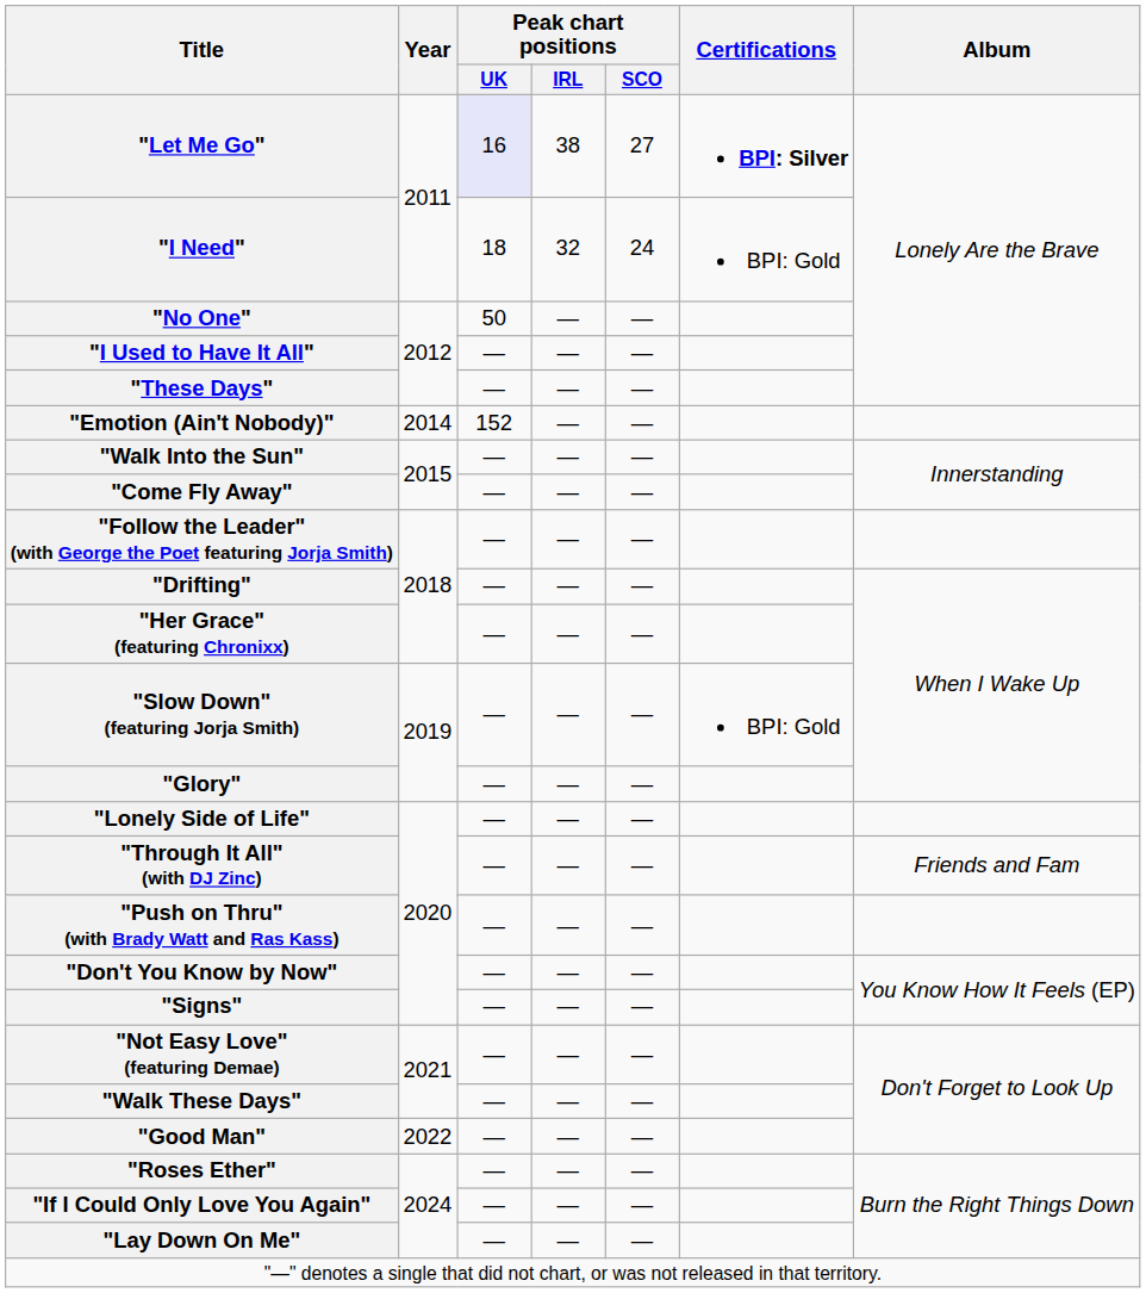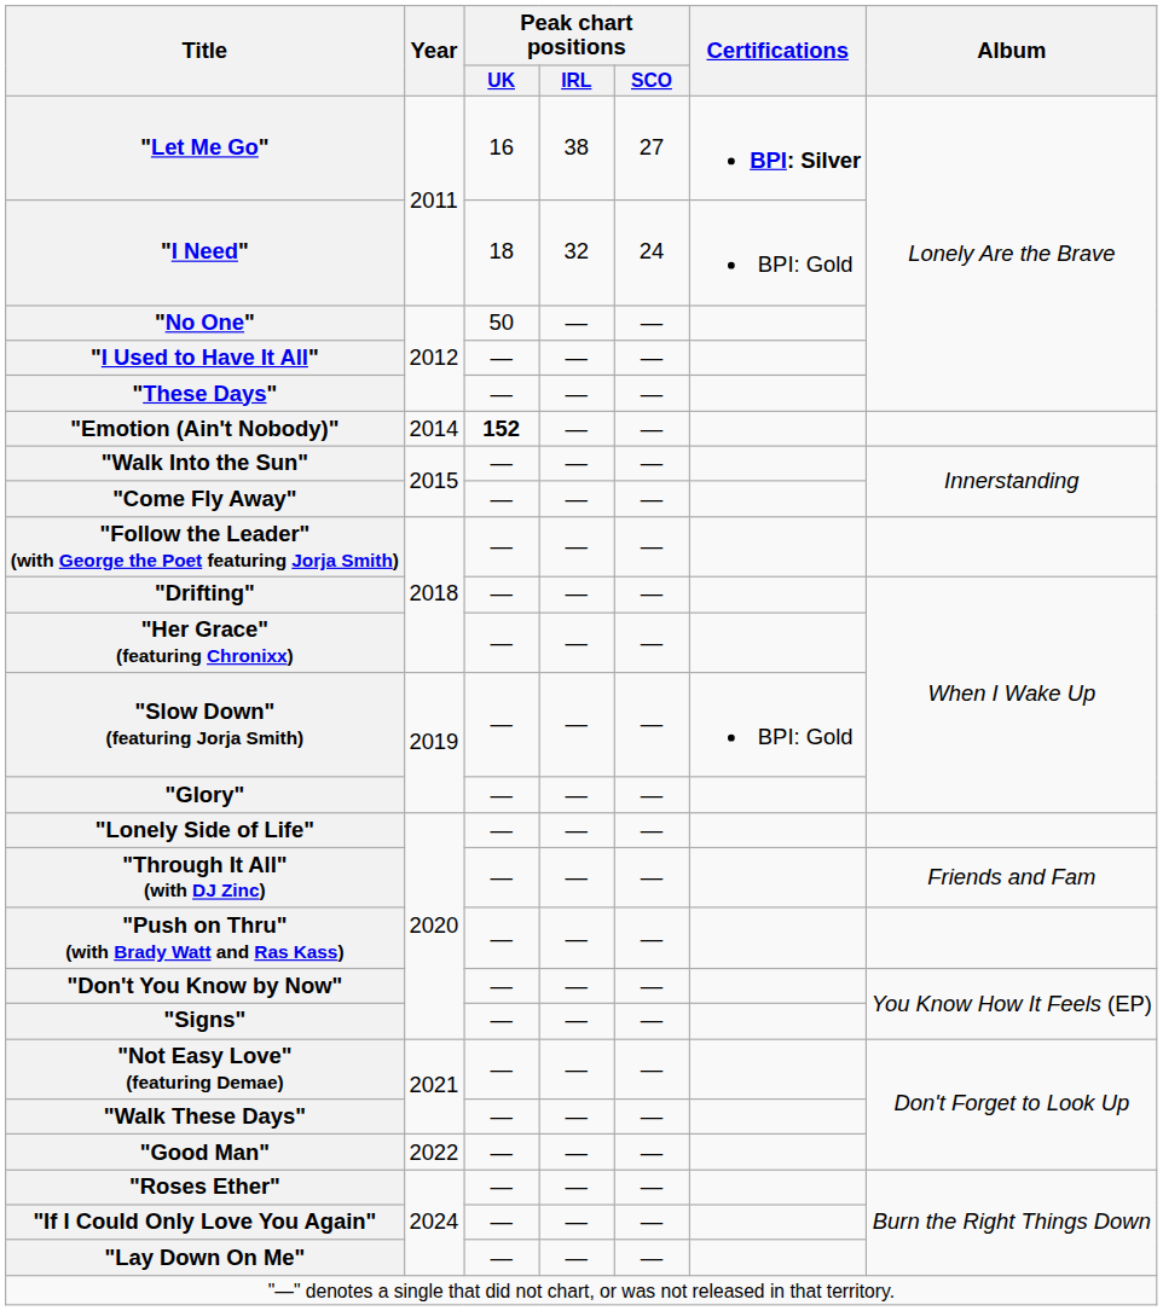 <table class="wikitable plainrowheaders" style="text-align:center;" border="1">
 <tr>
 <th scope="col" rowspan="2">Title</th>
 <th scope="col" rowspan="2">Year</th>
 <th scope="col" colspan="3">Peak chart positions</th>
 <th scope="col" rowspan="2"><a href='#'>Certifications</a></th>
 <th scope="col" rowspan="2">Album</th>
 </tr>
 <tr>
 <th scope="col" style="width:3.5em;font-size:85%;"><a href='#'>UK</a><br></th>
 <th scope="col" style="width:3.5em;font-size:85%;"><a href='#'>IRL</a><br></th>
 <th scope="col" style="width:3.5em;font-size:85%;"><a href='#'>SCO</a><br></th>
 </tr>
 <tr>
 <th scope="row">"<a href='#'>Let Me Go</a>"</th>
 <td rowspan="2">2011</td>
-<td style="background: lavender;">16</td>
+<td>16</td>
 <td>38</td>
 <td>27</td>
 <td><strong><br><ul><li><a href='#'>BPI</a>: Silver</li></ul></strong></td>
 <td rowspan="5"><em>Lonely Are the Brave</em></td>
 </tr>
 <tr>
 <th scope="row">"<a href='#'>I Need</a>"</th>
 <td>18</td>
 <td>32</td>
 <td>24</td>
 <td><br><ul><li>BPI: Gold</li></ul></td>
 </tr>
 <tr>
 <th scope="row">"<a href='#'>No One</a>"</th>
 <td rowspan="3">2012</td>
 <td>50</td>
 <td>—</td>
 <td>—</td>
 <td></td>
 </tr>
 <tr>
 <th scope="row">"<a href='#'>I Used to Have It All</a>"</th>
 <td>—</td>
 <td>—</td>
 <td>—</td>
 <td></td>
 </tr>
 <tr>
 <th scope="row">"<a href='#'>These Days</a>"</th>
 <td>—</td>
 <td>—</td>
 <td>—</td>
 <td></td>
 </tr>
 <tr>
 <th scope="row">"Emotion (Ain't Nobody)"</th>
 <td>2014</td>
-<td>152</td>
+<td><strong>152</strong></td>
 <td>—</td>
 <td>—</td>
 <td></td>
 <td></td>
 </tr>
 <tr>
 <th scope="row">"Walk Into the Sun"</th>
 <td rowspan="2">2015</td>
 <td>—</td>
 <td>—</td>
 <td>—</td>
 <td></td>
 <td rowspan="2"><em>Innerstanding</em></td>
 </tr>
 <tr>
 <th scope="row">"Come Fly Away"</th>
 <td>—</td>
 <td>—</td>
 <td>—</td>
 <td></td>
 </tr>
 <tr>
 <th scope="row">"Follow the Leader"<br><small>(with <a href='#'>George the Poet</a> featuring <a href='#'>Jorja Smith</a>)</small></th>
 <td rowspan="3">2018</td>
 <td>—</td>
 <td>—</td>
 <td>—</td>
 <td></td>
 <td></td>
 </tr>
 <tr>
 <th scope="row">"Drifting"</th>
 <td>—</td>
 <td>—</td>
 <td>—</td>
 <td></td>
 <td rowspan="4"><em>When I Wake Up</em></td>
 </tr>
 <tr>
 <th scope="row">"Her Grace"<br><small>(featuring <a href='#'>Chronixx</a>)</small></th>
 <td>—</td>
 <td>—</td>
 <td>—</td>
 <td></td>
 </tr>
 <tr>
 <th scope="row">"Slow Down"<br><small>(featuring Jorja Smith)</small></th>
 <td rowspan="2">2019</td>
 <td>—</td>
 <td>—</td>
 <td>—</td>
 <td><br><ul><li>BPI: Gold</li></ul></td>
 </tr>
 <tr>
 <th scope="row">"Glory"</th>
 <td>—</td>
 <td>—</td>
 <td>—</td>
 <td></td>
 </tr>
 <tr>
 <th scope="row">"Lonely Side of Life"</th>
 <td rowspan="5">2020</td>
 <td>—</td>
 <td>—</td>
 <td>—</td>
 <td></td>
 <td></td>
 </tr>
 <tr>
 <th scope="row">"Through It All"<br><small>(with <a href='#'>DJ Zinc</a>)</small></th>
 <td>—</td>
 <td>—</td>
 <td>—</td>
 <td></td>
 <td><em>Friends and Fam</em></td>
 </tr>
 <tr>
 <th scope="row">"Push on Thru"<br><small>(with <a href='#'>Brady Watt</a> and  <a href='#'>Ras Kass</a>)</small></th>
 <td>—</td>
 <td>—</td>
 <td>—</td>
 <td></td>
 <td></td>
 </tr>
 <tr>
 <th scope="row">"Don't You Know by Now"</th>
 <td>—</td>
 <td>—</td>
 <td>—</td>
 <td></td>
 <td rowspan="2"><em>You Know How It Feels</em> (EP)</td>
 </tr>
 <tr>
 <th scope="row">"Signs"</th>
 <td>—</td>
 <td>—</td>
 <td>—</td>
 <td></td>
 </tr>
 <tr>
 <th scope="row">"Not Easy Love"<br><small>(featuring Demae)</small></th>
 <td rowspan="2">2021</td>
 <td>—</td>
 <td>—</td>
 <td>—</td>
 <td></td>
 <td rowspan="3"><em>Don't Forget to Look Up</em></td>
 </tr>
 <tr>
 <th scope="row">"Walk These Days"</th>
 <td>—</td>
 <td>—</td>
 <td>—</td>
 <td></td>
 </tr>
 <tr>
 <th scope="row">"Good Man"</th>
 <td>2022</td>
 <td>—</td>
 <td>—</td>
 <td>—</td>
 <td></td>
 </tr>
 <tr>
 <th scope="row">"Roses Ether"</th>
 <td rowspan="3">2024</td>
 <td>—</td>
 <td>—</td>
 <td>—</td>
 <td></td>
 <td rowspan="3"><em>Burn the Right Things Down</em></td>
 </tr>
 <tr>
 <th scope="row">"If I Could Only Love You Again"</th>
 <td>—</td>
 <td>—</td>
 <td>—</td>
 <td></td>
 </tr>
 <tr>
 <th scope="row">"Lay Down On Me"</th>
 <td>—</td>
 <td>—</td>
 <td>—</td>
 <td></td>
 </tr>
 <tr>
 <td colspan="7" style="font-size:85%">"—" denotes a single that did not chart, or was not released in that territory.</td>
 </tr>
 </table>
